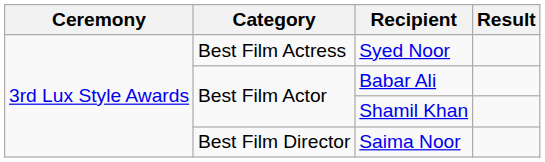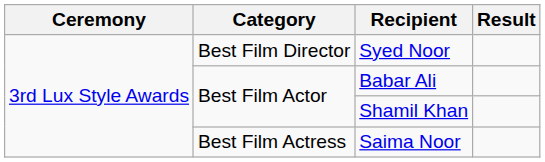 <table class="wikitable style">
 <tr>
 <th>Ceremony</th>
 <th>Category</th>
 <th>Recipient</th>
 <th>Result</th>
 </tr>
 <tr>
 <td rowspan="4"><a href='#'>3rd Lux Style Awards</a></td>
-<td>Best Film Actress</td>
+<td>Best Film Director</td>
 <td><a href='#'>Syed Noor</a></td>
 <td></td>
 </tr>
 <tr>
 <td rowspan="2">Best Film Actor</td>
 <td><a href='#'>Babar Ali</a></td>
 <td></td>
 </tr>
 <tr>
 <td><a href='#'>Shamil Khan</a></td>
 <td></td>
 </tr>
 <tr>
-<td>Best Film Director</td>
+<td>Best Film Actress</td>
 <td><a href='#'>Saima Noor</a></td>
 <td></td>
 </tr>
 </table>
